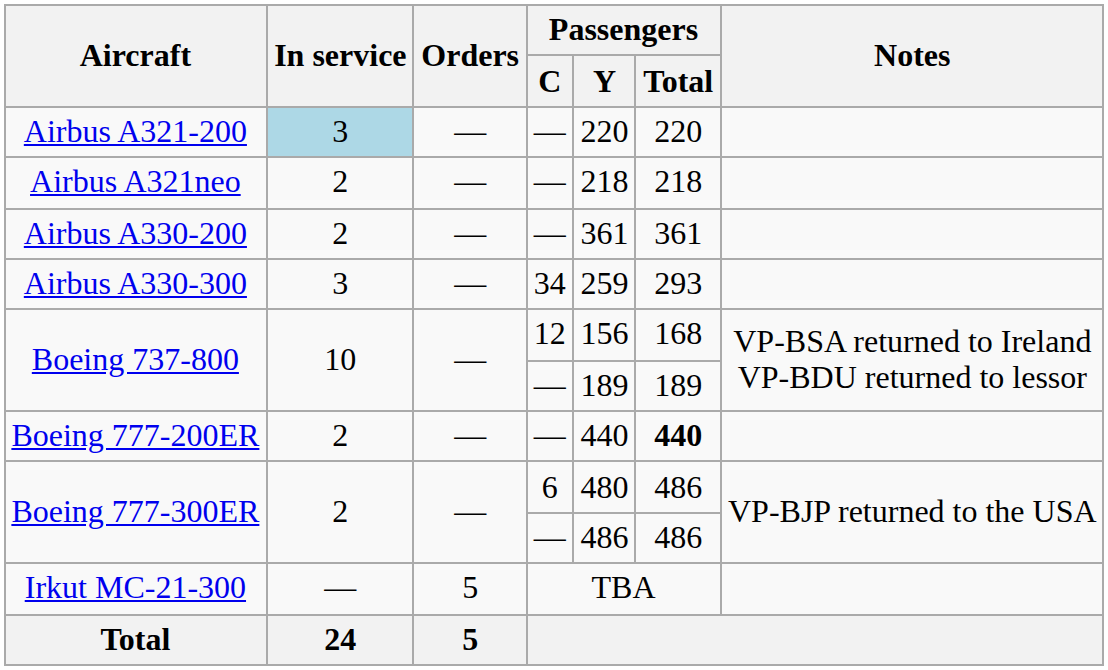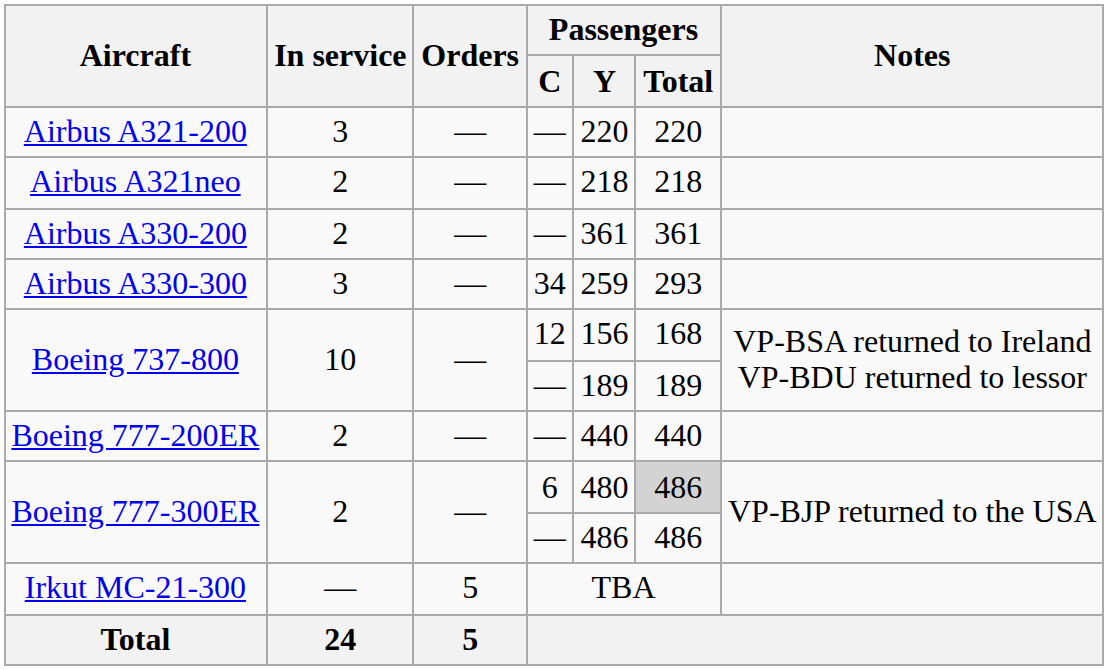 <table class="wikitable" style="border-collapse:collapse;text-align:center;margin:1em auto;">
 <tr>
 <th rowspan="2">Aircraft</th>
 <th rowspan="2">In service</th>
 <th rowspan="2">Orders</th>
 <th colspan="3">Passengers</th>
 <th rowspan="2">Notes</th>
 </tr>
 <tr>
 <th><abbr>C</abbr></th>
 <th><abbr>Y</abbr></th>
 <th>Total</th>
 </tr>
 <tr>
 <td><a href='#'>Airbus A321-200</a></td>
-<td style="background: lightblue;">3</td>
+<td>3</td>
 <td>—</td>
 <td>—</td>
 <td>220</td>
 <td>220</td>
 <td></td>
 </tr>
 <tr>
 <td><a href='#'>Airbus A321neo</a></td>
 <td>2</td>
 <td>—</td>
 <td>—</td>
 <td>218</td>
 <td>218</td>
 <td></td>
 </tr>
 <tr>
 <td><a href='#'>Airbus A330-200</a></td>
 <td>2</td>
 <td>—</td>
 <td>—</td>
 <td>361</td>
 <td>361</td>
 <td align=center></td>
 </tr>
 <tr>
 <td><a href='#'>Airbus A330-300</a></td>
 <td>3</td>
 <td>—</td>
 <td>34</td>
 <td>259</td>
 <td>293</td>
 <td align=center></td>
 </tr>
 <tr>
 <td rowspan="2"><a href='#'>Boeing 737-800</a></td>
 <td rowspan="2">10</td>
 <td rowspan="2">—</td>
 <td>12</td>
 <td>156</td>
 <td>168</td>
 <td rowspan="2">VP-BSA returned to Ireland<br> VP-BDU returned to lessor</td>
 </tr>
 <tr>
 <td>—</td>
 <td>189</td>
 <td>189</td>
 </tr>
 <tr>
 <td><a href='#'>Boeing 777-200ER</a></td>
 <td>2</td>
 <td>—</td>
 <td>—</td>
 <td>440</td>
-<td><strong>440</strong></td>
+<td>440</td>
 <td></td>
 </tr>
 <tr>
 <td rowspan="2"><a href='#'>Boeing 777-300ER</a></td>
 <td rowspan="2">2</td>
 <td rowspan="2">—</td>
 <td>6</td>
 <td>480</td>
-<td>486</td>
+<td style="background: lightgrey;">486</td>
 <td rowspan="2">VP-BJP returned to the USA</td>
 </tr>
 <tr>
 <td>—</td>
 <td>486</td>
 <td>486</td>
 </tr>
 <tr>
 <td><a href='#'>Irkut MC-21-300</a></td>
 <td>—</td>
 <td>5</td>
 <td colspan="3">TBA</td>
 <td></td>
 </tr>
 <tr>
 <th>Total</th>
 <th>24</th>
 <th>5</th>
 <th colspan="4"></th>
 </tr>
 </table>
